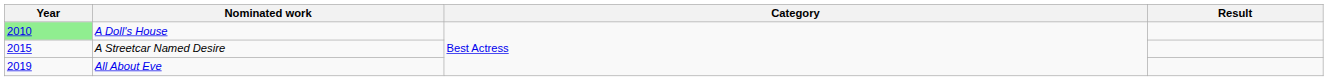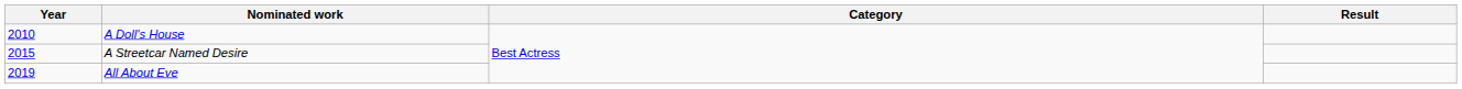 <table style="width:95%;" class="wikitable sortable">
 <tr>
 <th style="width:5%;">Year</th>
 <th style="width:20%;">Nominated work</th>
 <th style="width:40%;">Category</th>
 <th style="width:10%;">Result</th>
 </tr>
 <tr>
-<td style="background: lightgreen;"><a href='#'>2010</a></td>
+<td><a href='#'>2010</a></td>
 <td><em><a href='#'>A Doll's House</a></em></td>
 <td rowspan="3"><a href='#'>Best Actress</a></td>
 <td></td>
 </tr>
 <tr>
 <td><a href='#'>2015</a></td>
 <td><em>A Streetcar Named Desire</em></td>
 <td></td>
 </tr>
 <tr>
 <td><a href='#'>2019</a></td>
 <td><em><a href='#'>All About Eve</a></em></td>
 <td></td>
 </tr>
 </table>
